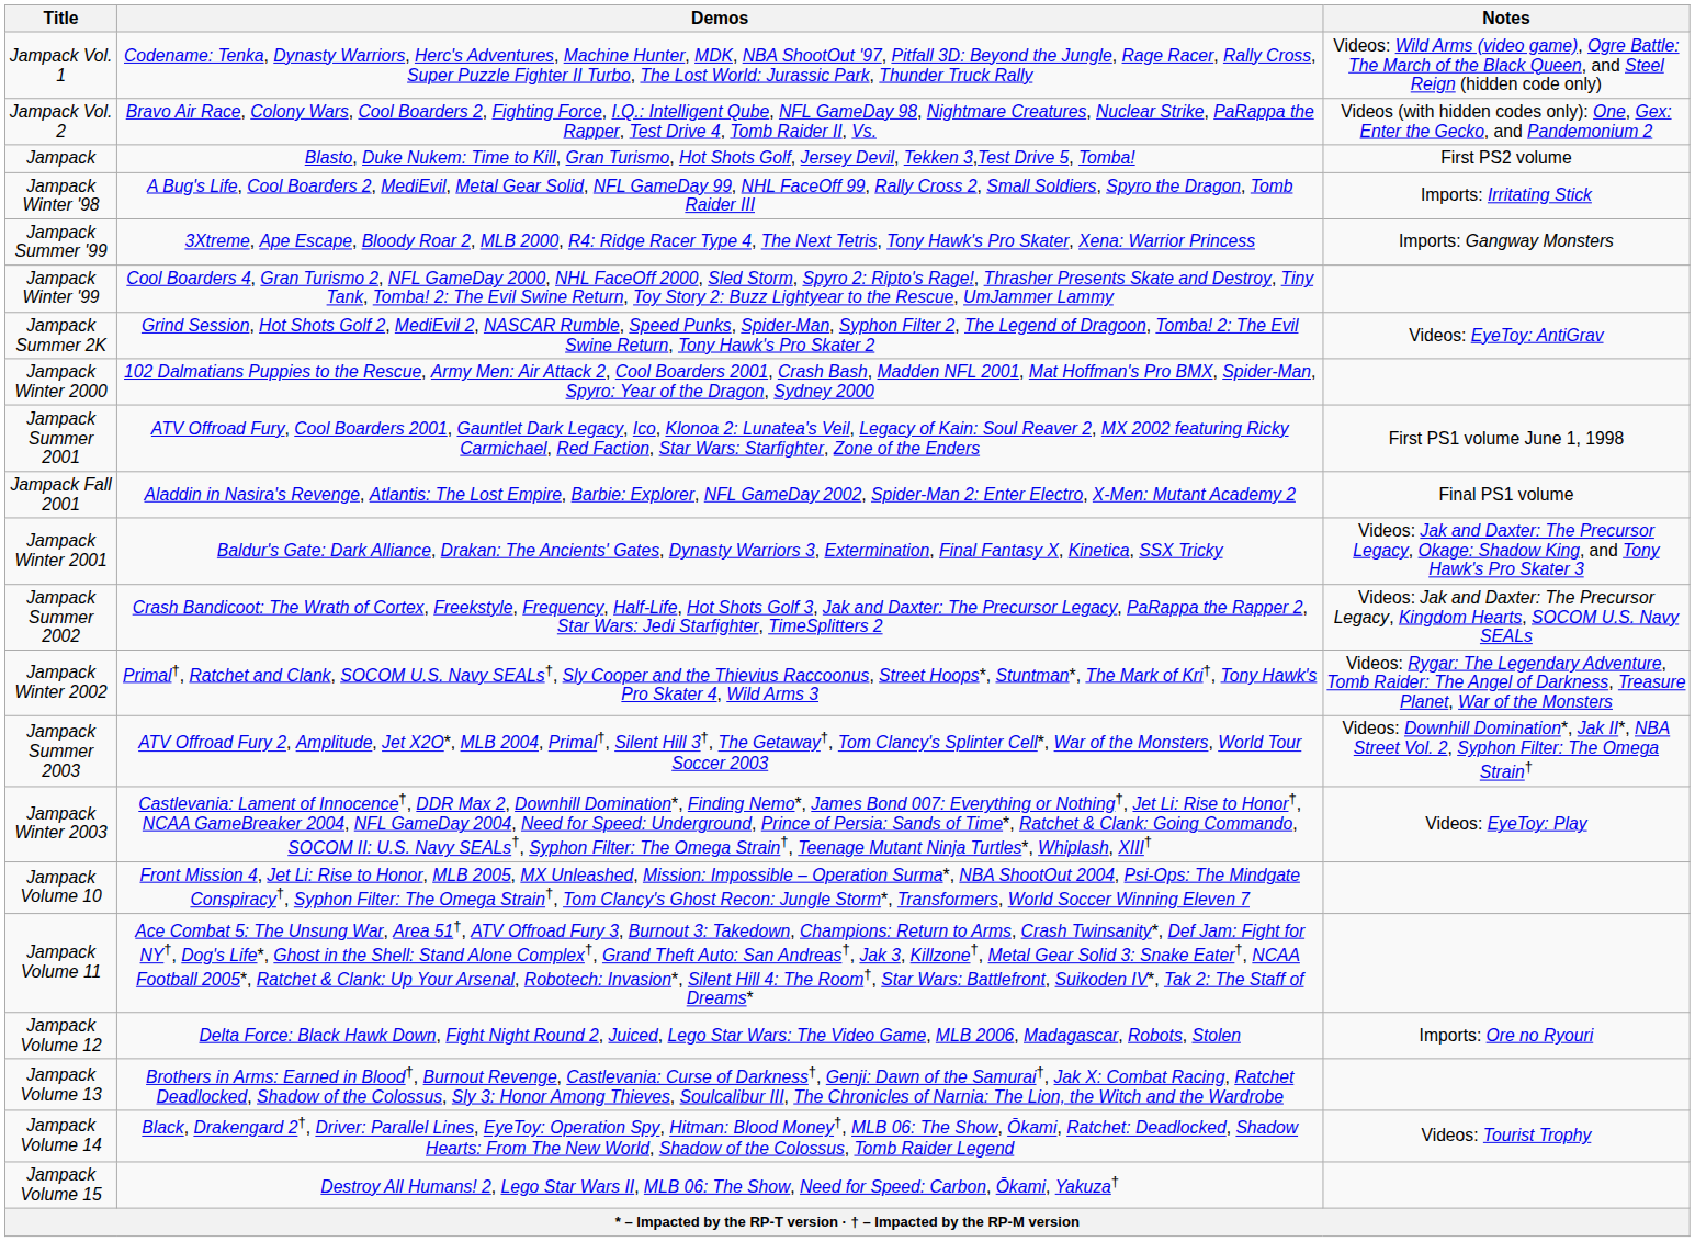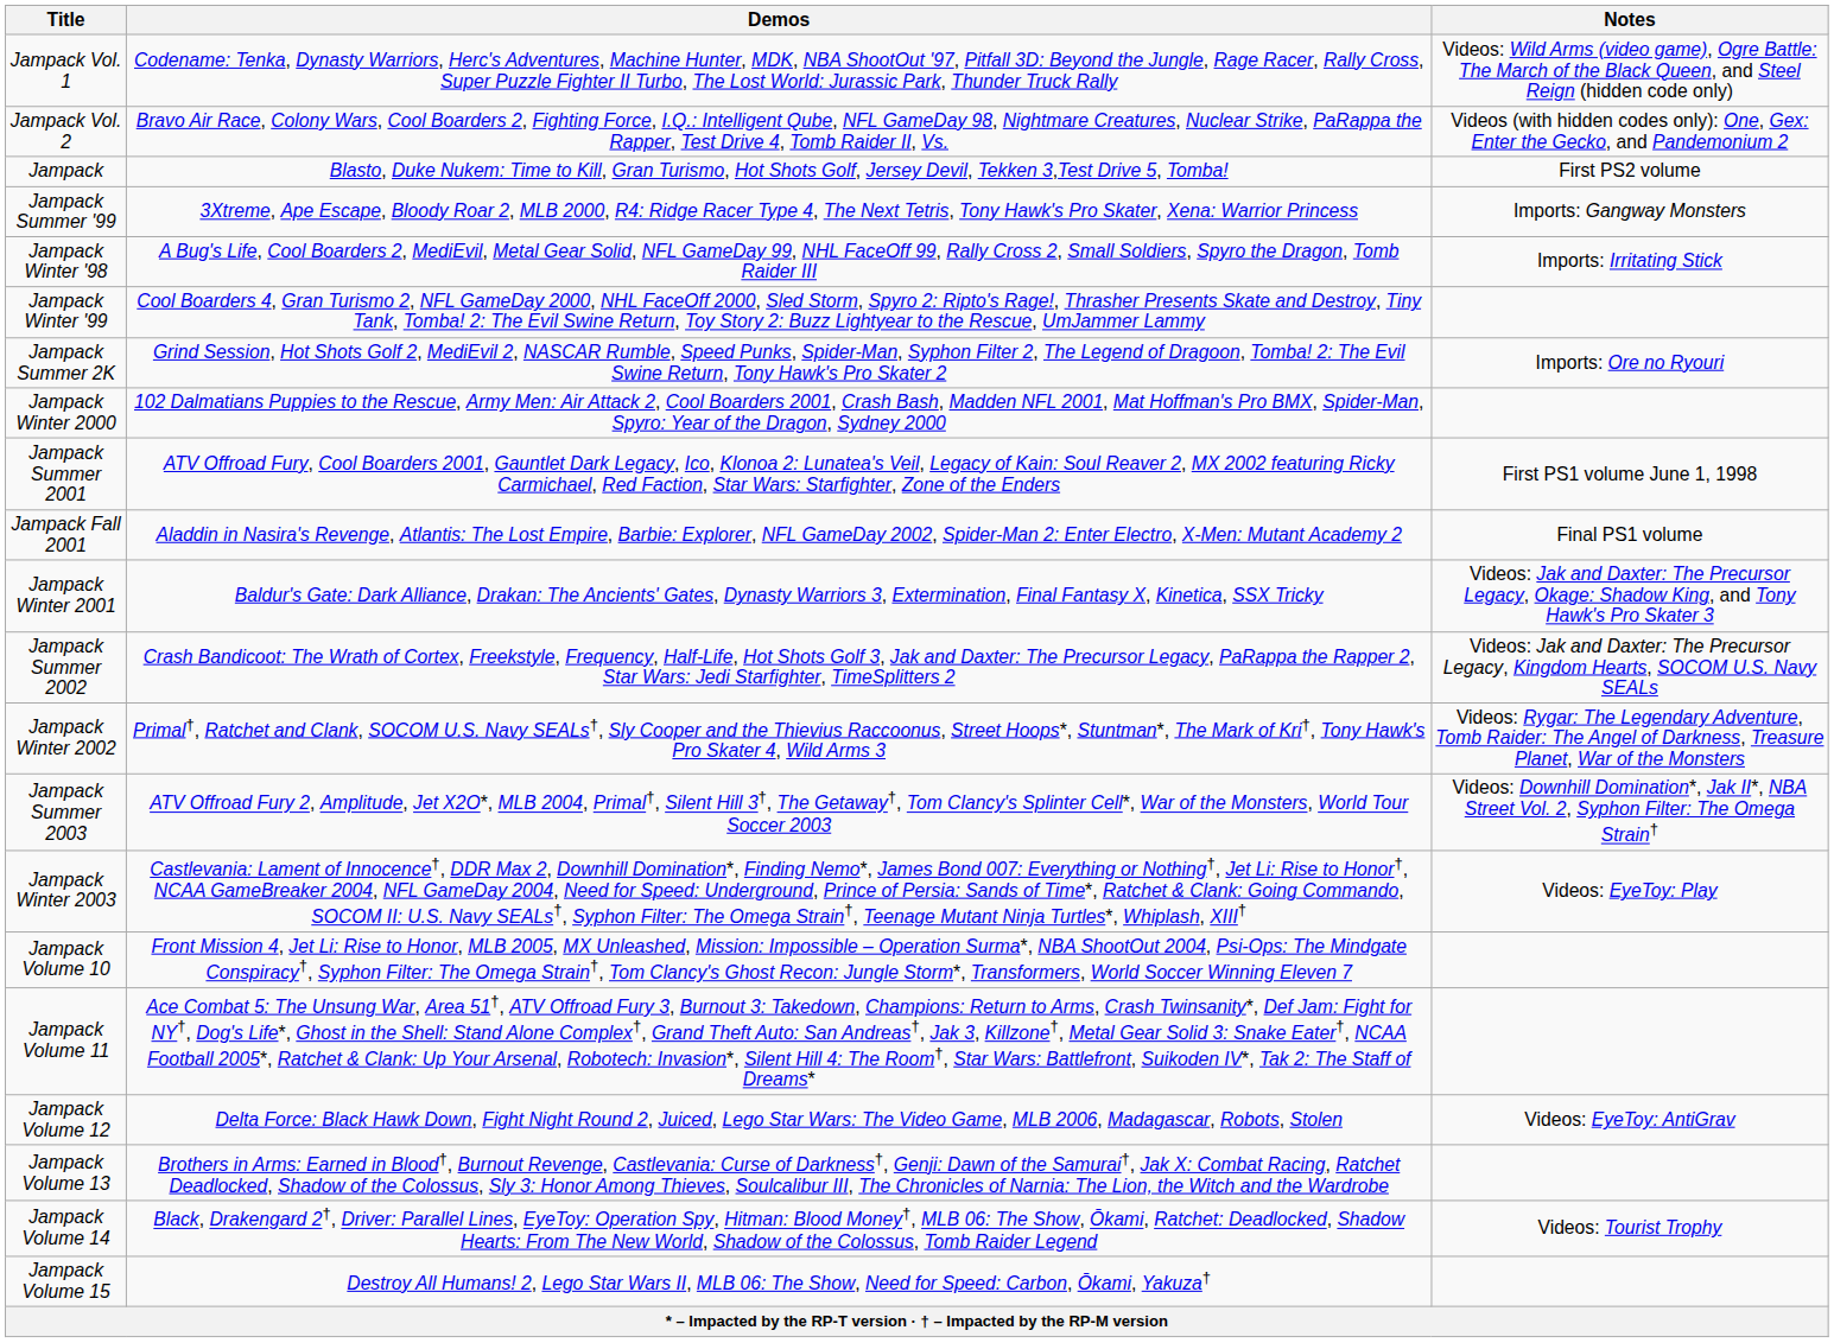 <table class="wikitable" style="text-align:center;">
 <tr>
 <th scope=col>Title</th>
 <th scope=col>Demos</th>
 <th scope=col>Notes</th>
 </tr>
 <tr>
 <td><em>Jampack Vol. 1</em></td>
 <td><em><a href='#'>Codename: Tenka</a></em>, <em><a href='#'>Dynasty Warriors</a></em>, <em><a href='#'>Herc's Adventures</a></em>, <em><a href='#'>Machine Hunter</a></em>, <em><a href='#'>MDK</a></em>, <em><a href='#'>NBA ShootOut '97</a></em>, <em><a href='#'>Pitfall 3D: Beyond the Jungle</a></em>, <em><a href='#'>Rage Racer</a></em>, <em><a href='#'>Rally Cross</a></em>, <em><a href='#'>Super Puzzle Fighter II Turbo</a></em>, <em><a href='#'>The Lost World: Jurassic Park</a></em>, <em><a href='#'>Thunder Truck Rally</a></em></td>
 <td>Videos: <em><a href='#'>Wild Arms (video game)</a></em>, <em><a href='#'>Ogre Battle: The March of the Black Queen</a></em>, and <em><a href='#'>Steel Reign</a></em> (hidden code only)</td>
 </tr>
 <tr>
 <td><em>Jampack Vol. 2</em></td>
 <td><em><a href='#'>Bravo Air Race</a></em>, <em><a href='#'>Colony Wars</a></em>, <em><a href='#'>Cool Boarders 2</a></em>, <em><a href='#'>Fighting Force</a></em>, <em><a href='#'>I.Q.: Intelligent Qube</a></em>, <em><a href='#'>NFL GameDay 98</a></em>, <em><a href='#'>Nightmare Creatures</a></em>, <em><a href='#'>Nuclear Strike</a></em>, <em><a href='#'>PaRappa the Rapper</a></em>, <em><a href='#'>Test Drive 4</a></em>, <em><a href='#'>Tomb Raider II</a></em>, <em><a href='#'>Vs.</a></em></td>
 <td>Videos (with hidden codes only): <em><a href='#'>One</a></em>, <em><a href='#'>Gex: Enter the Gecko</a></em>, and <em><a href='#'>Pandemonium 2</a></em></td>
 </tr>
 <tr>
 <td><em>Jampack</em></td>
 <td><em><a href='#'>Blasto</a></em>, <em><a href='#'>Duke Nukem: Time to Kill</a></em>, <em><a href='#'>Gran Turismo</a></em>, <em><a href='#'>Hot Shots Golf</a></em>, <em><a href='#'>Jersey Devil</a></em>, <em><a href='#'>Tekken 3</a></em>,<em><a href='#'>Test Drive 5</a></em>, <em><a href='#'>Tomba!</a></em></td>
 <td>First PS2 volume</td>
 </tr>
 <tr>
+<td><em>Jampack Summer '99</em></td>
+<td><em><a href='#'>3Xtreme</a></em>, <em><a href='#'>Ape Escape</a></em>, <em><a href='#'>Bloody Roar 2</a></em>, <em><a href='#'>MLB 2000</a></em>, <em><a href='#'>R4: Ridge Racer Type 4</a></em>, <em><a href='#'>The Next Tetris</a></em>, <em><a href='#'>Tony Hawk's Pro Skater</a></em>, <em><a href='#'>Xena: Warrior Princess</a></em></td>
+<td>Imports: <em>Gangway Monsters</em></td>
+</tr>
+<tr>
 <td><em>Jampack Winter '98</em></td>
 <td><em><a href='#'>A Bug's Life</a></em>, <em><a href='#'>Cool Boarders 2</a></em>, <em><a href='#'>MediEvil</a></em>, <em><a href='#'>Metal Gear Solid</a></em>, <em><a href='#'>NFL GameDay 99</a></em>, <em><a href='#'>NHL FaceOff 99</a></em>, <em><a href='#'>Rally Cross 2</a></em>, <em><a href='#'>Small Soldiers</a></em>, <em><a href='#'>Spyro the Dragon</a></em>, <em><a href='#'>Tomb Raider III</a></em></td>
 <td>Imports: <em><a href='#'>Irritating Stick</a></em></td>
-</tr>
-<tr>
-<td><em>Jampack Summer '99</em></td>
-<td><em><a href='#'>3Xtreme</a></em>, <em><a href='#'>Ape Escape</a></em>, <em><a href='#'>Bloody Roar 2</a></em>, <em><a href='#'>MLB 2000</a></em>, <em><a href='#'>R4: Ridge Racer Type 4</a></em>, <em><a href='#'>The Next Tetris</a></em>, <em><a href='#'>Tony Hawk's Pro Skater</a></em>, <em><a href='#'>Xena: Warrior Princess</a></em></td>
-<td>Imports: <em>Gangway Monsters</em></td>
 </tr>
 <tr>
 <td><em>Jampack Winter '99</em></td>
 <td><em><a href='#'>Cool Boarders 4</a></em>, <em><a href='#'>Gran Turismo 2</a></em>, <em><a href='#'>NFL GameDay 2000</a></em>, <em><a href='#'>NHL FaceOff 2000</a></em>, <em><a href='#'>Sled Storm</a></em>, <em><a href='#'>Spyro 2: Ripto's Rage!</a></em>, <em><a href='#'>Thrasher Presents Skate and Destroy</a></em>, <em><a href='#'>Tiny Tank</a></em>, <em><a href='#'>Tomba! 2: The Evil Swine Return</a></em>, <em><a href='#'>Toy Story 2: Buzz Lightyear to the Rescue</a></em>, <em><a href='#'>UmJammer Lammy</a></em></td>
 <td></td>
 </tr>
 <tr>
 <td><em>Jampack Summer 2K</em></td>
 <td><em><a href='#'>Grind Session</a></em>, <em><a href='#'>Hot Shots Golf 2</a></em>, <em><a href='#'>MediEvil 2</a></em>, <em><a href='#'>NASCAR Rumble</a></em>, <em><a href='#'>Speed Punks</a></em>, <em><a href='#'>Spider-Man</a></em>, <em><a href='#'>Syphon Filter 2</a></em>, <em><a href='#'>The Legend of Dragoon</a></em>, <em><a href='#'>Tomba! 2: The Evil Swine Return</a></em>, <em><a href='#'>Tony Hawk's Pro Skater 2</a></em></td>
-<td>Videos: <em><a href='#'>EyeToy: AntiGrav</a></em></td>
+<td>Imports: <em><a href='#'>Ore no Ryouri</a></em></td>
 </tr>
 <tr>
 <td><em>Jampack Winter 2000</em></td>
 <td><em><a href='#'>102 Dalmatians Puppies to the Rescue</a></em>, <em><a href='#'>Army Men: Air Attack 2</a></em>, <em><a href='#'>Cool Boarders 2001</a></em>, <em><a href='#'>Crash Bash</a></em>, <em><a href='#'>Madden NFL 2001</a></em>, <em><a href='#'>Mat Hoffman's Pro BMX</a></em>, <em><a href='#'>Spider-Man</a></em>, <em><a href='#'>Spyro: Year of the Dragon</a></em>, <em><a href='#'>Sydney 2000</a></em></td>
 <td></td>
 </tr>
 <tr>
 <td><em>Jampack Summer 2001</em></td>
 <td><em><a href='#'>ATV Offroad Fury</a></em>, <em><a href='#'>Cool Boarders 2001</a></em>, <em><a href='#'>Gauntlet Dark Legacy</a></em>, <em><a href='#'>Ico</a></em>, <em><a href='#'>Klonoa 2: Lunatea's Veil</a></em>, <em><a href='#'>Legacy of Kain: Soul Reaver 2</a></em>, <em><a href='#'>MX 2002 featuring Ricky Carmichael</a></em>, <em><a href='#'>Red Faction</a></em>, <em><a href='#'>Star Wars: Starfighter</a></em>, <em><a href='#'>Zone of the Enders</a></em></td>
 <td>First PS1 volume June 1, 1998</td>
 </tr>
 <tr>
 <td><em>Jampack Fall 2001</em></td>
 <td><em><a href='#'>Aladdin in Nasira's Revenge</a></em>, <em><a href='#'>Atlantis: The Lost Empire</a></em>, <em><a href='#'>Barbie: Explorer</a></em>, <em><a href='#'>NFL GameDay 2002</a></em>, <em><a href='#'>Spider-Man 2: Enter Electro</a></em>, <em><a href='#'>X-Men: Mutant Academy 2</a></em></td>
 <td>Final PS1 volume</td>
 </tr>
 <tr>
 <td><em>Jampack Winter 2001</em></td>
 <td><em><a href='#'>Baldur's Gate: Dark Alliance</a></em>, <em><a href='#'>Drakan: The Ancients' Gates</a></em>, <em><a href='#'>Dynasty Warriors 3</a></em>, <em><a href='#'>Extermination</a></em>, <em><a href='#'>Final Fantasy X</a></em>, <em><a href='#'>Kinetica</a></em>, <em><a href='#'>SSX Tricky</a></em></td>
 <td>Videos: <em><a href='#'>Jak and Daxter: The Precursor Legacy</a></em>, <em><a href='#'>Okage: Shadow King</a></em>, and <em><a href='#'>Tony Hawk's Pro Skater 3</a></em></td>
 </tr>
 <tr>
 <td><em>Jampack Summer 2002</em></td>
 <td><em><a href='#'>Crash Bandicoot: The Wrath of Cortex</a></em>, <em><a href='#'>Freekstyle</a></em>, <em><a href='#'>Frequency</a></em>, <em><a href='#'>Half-Life</a></em>, <em><a href='#'>Hot Shots Golf 3</a></em>, <em><a href='#'>Jak and Daxter: The Precursor Legacy</a></em>, <em><a href='#'>PaRappa the Rapper 2</a></em>, <em><a href='#'>Star Wars: Jedi Starfighter</a></em>, <em><a href='#'>TimeSplitters 2</a></em></td>
 <td>Videos: <em>Jak and Daxter: The Precursor Legacy</em>, <em><a href='#'>Kingdom Hearts</a></em>, <em><a href='#'>SOCOM U.S. Navy SEALs</a></em></td>
 </tr>
 <tr>
 <td><em>Jampack Winter 2002</em></td>
 <td><em><a href='#'>Primal</a></em><sup>†</sup>, <em><a href='#'>Ratchet and Clank</a></em>, <em><a href='#'>SOCOM U.S. Navy SEALs</a></em><sup>†</sup>, <em><a href='#'>Sly Cooper and the Thievius Raccoonus</a></em>, <em><a href='#'>Street Hoops</a></em>*, <em><a href='#'>Stuntman</a></em>*, <em><a href='#'>The Mark of Kri</a></em><sup>†</sup>, <em><a href='#'>Tony Hawk's Pro Skater 4</a></em>, <em><a href='#'>Wild Arms 3</a></em></td>
 <td>Videos: <em><a href='#'>Rygar: The Legendary Adventure</a></em>, <em><a href='#'>Tomb Raider: The Angel of Darkness</a></em>, <em><a href='#'>Treasure Planet</a></em>, <em><a href='#'>War of the Monsters</a></em></td>
 </tr>
 <tr>
 <td><em>Jampack Summer 2003</em></td>
 <td><em><a href='#'>ATV Offroad Fury 2</a></em>, <em><a href='#'>Amplitude</a></em>, <em><a href='#'>Jet X2O</a></em>*, <em><a href='#'>MLB 2004</a></em>, <em><a href='#'>Primal</a></em><sup>†</sup>, <em><a href='#'>Silent Hill 3</a></em><sup>†</sup>, <em><a href='#'>The Getaway</a></em><sup>†</sup>, <em><a href='#'>Tom Clancy's Splinter Cell</a></em>*, <em><a href='#'>War of the Monsters</a></em>, <em><a href='#'>World Tour Soccer 2003</a></em></td>
 <td>Videos: <em><a href='#'>Downhill Domination</a></em>*, <em><a href='#'>Jak II</a></em>*, <em><a href='#'>NBA Street Vol. 2</a></em>, <em><a href='#'>Syphon Filter: The Omega Strain</a></em><sup>†</sup></td>
 </tr>
 <tr>
 <td><em>Jampack Winter 2003</em></td>
 <td><em><a href='#'>Castlevania: Lament of Innocence</a></em><sup>†</sup>, <em><a href='#'>DDR Max 2</a></em>, <em><a href='#'>Downhill Domination</a></em>*, <em><a href='#'>Finding Nemo</a></em>*, <em><a href='#'>James Bond 007: Everything or Nothing</a></em><sup>†</sup>, <em><a href='#'>Jet Li: Rise to Honor</a></em><sup>†</sup>, <em><a href='#'>NCAA GameBreaker 2004</a></em>, <em><a href='#'>NFL GameDay 2004</a></em>, <em><a href='#'>Need for Speed: Underground</a></em>, <em><a href='#'>Prince of Persia: Sands of Time</a></em>*, <em><a href='#'>Ratchet & Clank: Going Commando</a></em>, <em><a href='#'>SOCOM II: U.S. Navy SEALs</a></em><sup>†</sup>, <em><a href='#'>Syphon Filter: The Omega Strain</a></em><sup>†</sup>, <em><a href='#'>Teenage Mutant Ninja Turtles</a></em>*, <em><a href='#'>Whiplash</a></em>, <em><a href='#'>XIII</a></em><sup>†</sup></td>
 <td>Videos: <em><a href='#'>EyeToy: Play</a></em></td>
 </tr>
 <tr>
 <td><em>Jampack Volume 10</em></td>
 <td><em><a href='#'>Front Mission 4</a></em>, <em><a href='#'>Jet Li: Rise to Honor</a></em>, <em><a href='#'>MLB 2005</a></em>, <em><a href='#'>MX Unleashed</a></em>, <em><a href='#'>Mission: Impossible – Operation Surma</a></em>*, <em><a href='#'>NBA ShootOut 2004</a></em>, <em><a href='#'>Psi-Ops: The Mindgate Conspiracy</a></em><sup>†</sup>, <em><a href='#'>Syphon Filter: The Omega Strain</a></em><sup>†</sup>, <em><a href='#'>Tom Clancy's Ghost Recon: Jungle Storm</a></em>*, <em><a href='#'>Transformers</a></em>, <em><a href='#'>World Soccer Winning Eleven 7</a></em></td>
 <td></td>
 </tr>
 <tr>
 <td><em>Jampack Volume 11</em></td>
 <td><em><a href='#'>Ace Combat 5: The Unsung War</a></em>, <em><a href='#'>Area 51</a></em><sup>†</sup>, <em><a href='#'>ATV Offroad Fury 3</a></em>, <em><a href='#'>Burnout 3: Takedown</a></em>, <em><a href='#'>Champions: Return to Arms</a></em>, <em><a href='#'>Crash Twinsanity</a></em>*, <em><a href='#'>Def Jam: Fight for NY</a></em><sup>†</sup>, <em><a href='#'>Dog's Life</a></em>*, <em><a href='#'>Ghost in the Shell: Stand Alone Complex</a></em><sup>†</sup>, <em><a href='#'>Grand Theft Auto: San Andreas</a></em><sup>†</sup>, <em><a href='#'>Jak 3</a></em>, <em><a href='#'>Killzone</a></em><sup>†</sup>, <em><a href='#'>Metal Gear Solid 3: Snake Eater</a></em><sup>†</sup>, <em><a href='#'>NCAA Football 2005</a></em>*, <em><a href='#'>Ratchet & Clank: Up Your Arsenal</a></em>, <em><a href='#'>Robotech: Invasion</a></em>*, <em><a href='#'>Silent Hill 4: The Room</a></em><sup>†</sup>, <em><a href='#'>Star Wars: Battlefront</a></em>, <em><a href='#'>Suikoden IV</a></em>*, <em><a href='#'>Tak 2: The Staff of Dreams</a></em>*</td>
 </tr>
 <tr>
 <td><em>Jampack Volume 12</em></td>
 <td><em><a href='#'>Delta Force: Black Hawk Down</a></em>, <em><a href='#'>Fight Night Round 2</a></em>, <em><a href='#'>Juiced</a></em>, <em><a href='#'>Lego Star Wars: The Video Game</a></em>, <em><a href='#'>MLB 2006</a></em>, <em><a href='#'>Madagascar</a></em>, <em><a href='#'>Robots</a></em>, <em><a href='#'>Stolen</a></em></td>
-<td>Imports: <em><a href='#'>Ore no Ryouri</a></em></td>
+<td>Videos: <em><a href='#'>EyeToy: AntiGrav</a></em></td>
 </tr>
 <tr>
 <td><em>Jampack Volume 13</em></td>
 <td><em><a href='#'>Brothers in Arms: Earned in Blood</a></em><sup>†</sup>, <em><a href='#'>Burnout Revenge</a></em>, <em><a href='#'>Castlevania: Curse of Darkness</a></em><sup>†</sup>, <em><a href='#'>Genji: Dawn of the Samurai</a></em><sup>†</sup>, <em><a href='#'>Jak X: Combat Racing</a></em>, <em><a href='#'>Ratchet Deadlocked</a></em>, <em><a href='#'>Shadow of the Colossus</a></em>, <em><a href='#'>Sly 3: Honor Among Thieves</a></em>, <em><a href='#'>Soulcalibur III</a></em>, <em><a href='#'>The Chronicles of Narnia: The Lion, the Witch and the Wardrobe</a></em></td>
 <td></td>
 </tr>
 <tr>
 <td><em>Jampack Volume 14</em></td>
 <td><em><a href='#'>Black</a></em>, <em><a href='#'>Drakengard 2</a></em><sup>†</sup>, <em><a href='#'>Driver: Parallel Lines</a></em>, <em><a href='#'>EyeToy: Operation Spy</a></em>, <em><a href='#'>Hitman: Blood Money</a></em><sup>†</sup>, <em><a href='#'>MLB 06: The Show</a></em>, <em><a href='#'>Ōkami</a></em>, <em><a href='#'>Ratchet: Deadlocked</a></em>, <em><a href='#'>Shadow Hearts: From The New World</a></em>, <em><a href='#'>Shadow of the Colossus</a></em>, <em><a href='#'>Tomb Raider Legend</a></em></td>
 <td>Videos: <em><a href='#'>Tourist Trophy</a></em></td>
 </tr>
 <tr>
 <td><em>Jampack Volume 15</em></td>
 <td><em><a href='#'>Destroy All Humans! 2</a></em>, <em><a href='#'>Lego Star Wars II</a></em>, <em><a href='#'>MLB 06: The Show</a></em>, <em><a href='#'>Need for Speed: Carbon</a></em>, <em><a href='#'>Ōkami</a></em>, <em><a href='#'>Yakuza</a></em><sup>†</sup></td>
 <td></td>
 </tr>
 <tr>
 <th colspan=3><small>* – Impacted by the RP-T version · † – Impacted by the RP-M version</small></th>
 </tr>
 </table>
